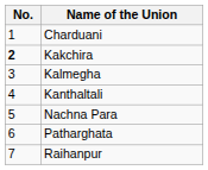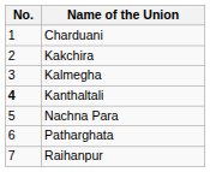 <table class="wikitable" style="width:20%;">
 <tr style="background:#efefef;">
 <th>No.</th>
 <th>Name of the Union</th>
 </tr>
 <tr>
 <td>1</td>
 <td>Charduani</td>
 </tr>
 <tr>
-<td><strong>2</strong></td>
+<td>2</td>
 <td>Kakchira</td>
 </tr>
 <tr>
 <td>3</td>
 <td>Kalmegha</td>
 </tr>
 <tr>
-<td>4</td>
+<td><strong>4</strong></td>
 <td>Kanthaltali</td>
 </tr>
 <tr>
 <td>5</td>
 <td>Nachna Para</td>
 </tr>
 <tr>
 <td>6</td>
 <td>Patharghata</td>
 </tr>
 <tr>
 <td>7</td>
 <td>Raihanpur</td>
 </tr>
 </table>
